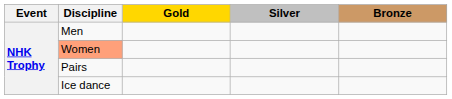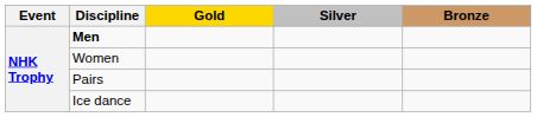 <table class="wikitable unsortable" style="text-align:left; width:100%;">
 <tr>
 <th scope="col" style="width:10%">Event</th>
 <th scope="col" style="width:5%">Discipline</th>
 <td scope="col" style="text-align:center; width:20%; background:gold"><strong>Gold</strong></td>
 <td scope="col" style="text-align:center; width:20%; background:silver"><strong>Silver</strong></td>
 <td scope="col" style="text-align:center; width:20%; background:#c96"><strong>Bronze</strong></td>
 </tr>
 <tr>
 <th scope="row" style="text-align:left" rowspan="4"> <a href='#'>NHK Trophy</a></th>
-<td>Men</td>
+<td><strong>Men</strong></td>
 <td></td>
 <td></td>
 <td></td>
 </tr>
 <tr>
-<td style="background: lightsalmon;">Women</td>
+<td>Women</td>
 <td></td>
 <td></td>
 <td></td>
 </tr>
 <tr>
 <td>Pairs</td>
 <td></td>
 <td></td>
 <td></td>
 </tr>
 <tr>
 <td>Ice dance</td>
 <td></td>
 <td></td>
 <td></td>
 </tr>
 </table>
